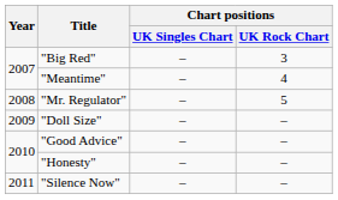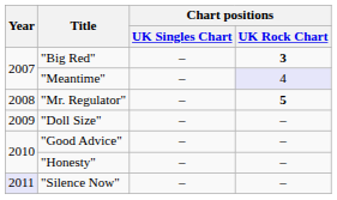 <table class="wikitable">
 <tr>
 <th rowspan="2">Year</th>
 <th rowspan="2">Title</th>
 <th colspan="2">Chart positions</th>
 </tr>
 <tr>
 <th><a href='#'>UK Singles Chart</a></th>
 <th><a href='#'>UK Rock Chart</a></th>
 </tr>
 <tr>
 <td rowspan="2">2007</td>
 <td>"Big Red"</td>
 <td align="center">–</td>
-<td align="center">3</td>
+<td align="center"><strong>3</strong></td>
 </tr>
 <tr>
 <td>"Meantime"</td>
 <td align="center">–</td>
-<td align="center">4</td>
+<td align="center" style="background: lavender;">4</td>
 </tr>
 <tr>
 <td>2008</td>
 <td>"Mr. Regulator"</td>
 <td align="center">–</td>
-<td align="center">5</td>
+<td align="center"><strong>5</strong></td>
 </tr>
 <tr>
 <td>2009</td>
 <td>"Doll Size"</td>
 <td align="center">–</td>
 <td align="center">–</td>
 </tr>
 <tr>
 <td rowspan="2">2010</td>
 <td>"Good Advice"</td>
 <td align="center">–</td>
 <td align="center">–</td>
 </tr>
 <tr>
 <td>"Honesty"</td>
 <td align="center">–</td>
 <td align="center">–</td>
 </tr>
 <tr>
-<td>2011</td>
+<td style="background: lavender;">2011</td>
 <td>"Silence Now"</td>
 <td align="center">–</td>
 <td align="center">–</td>
 </tr>
 </table>
